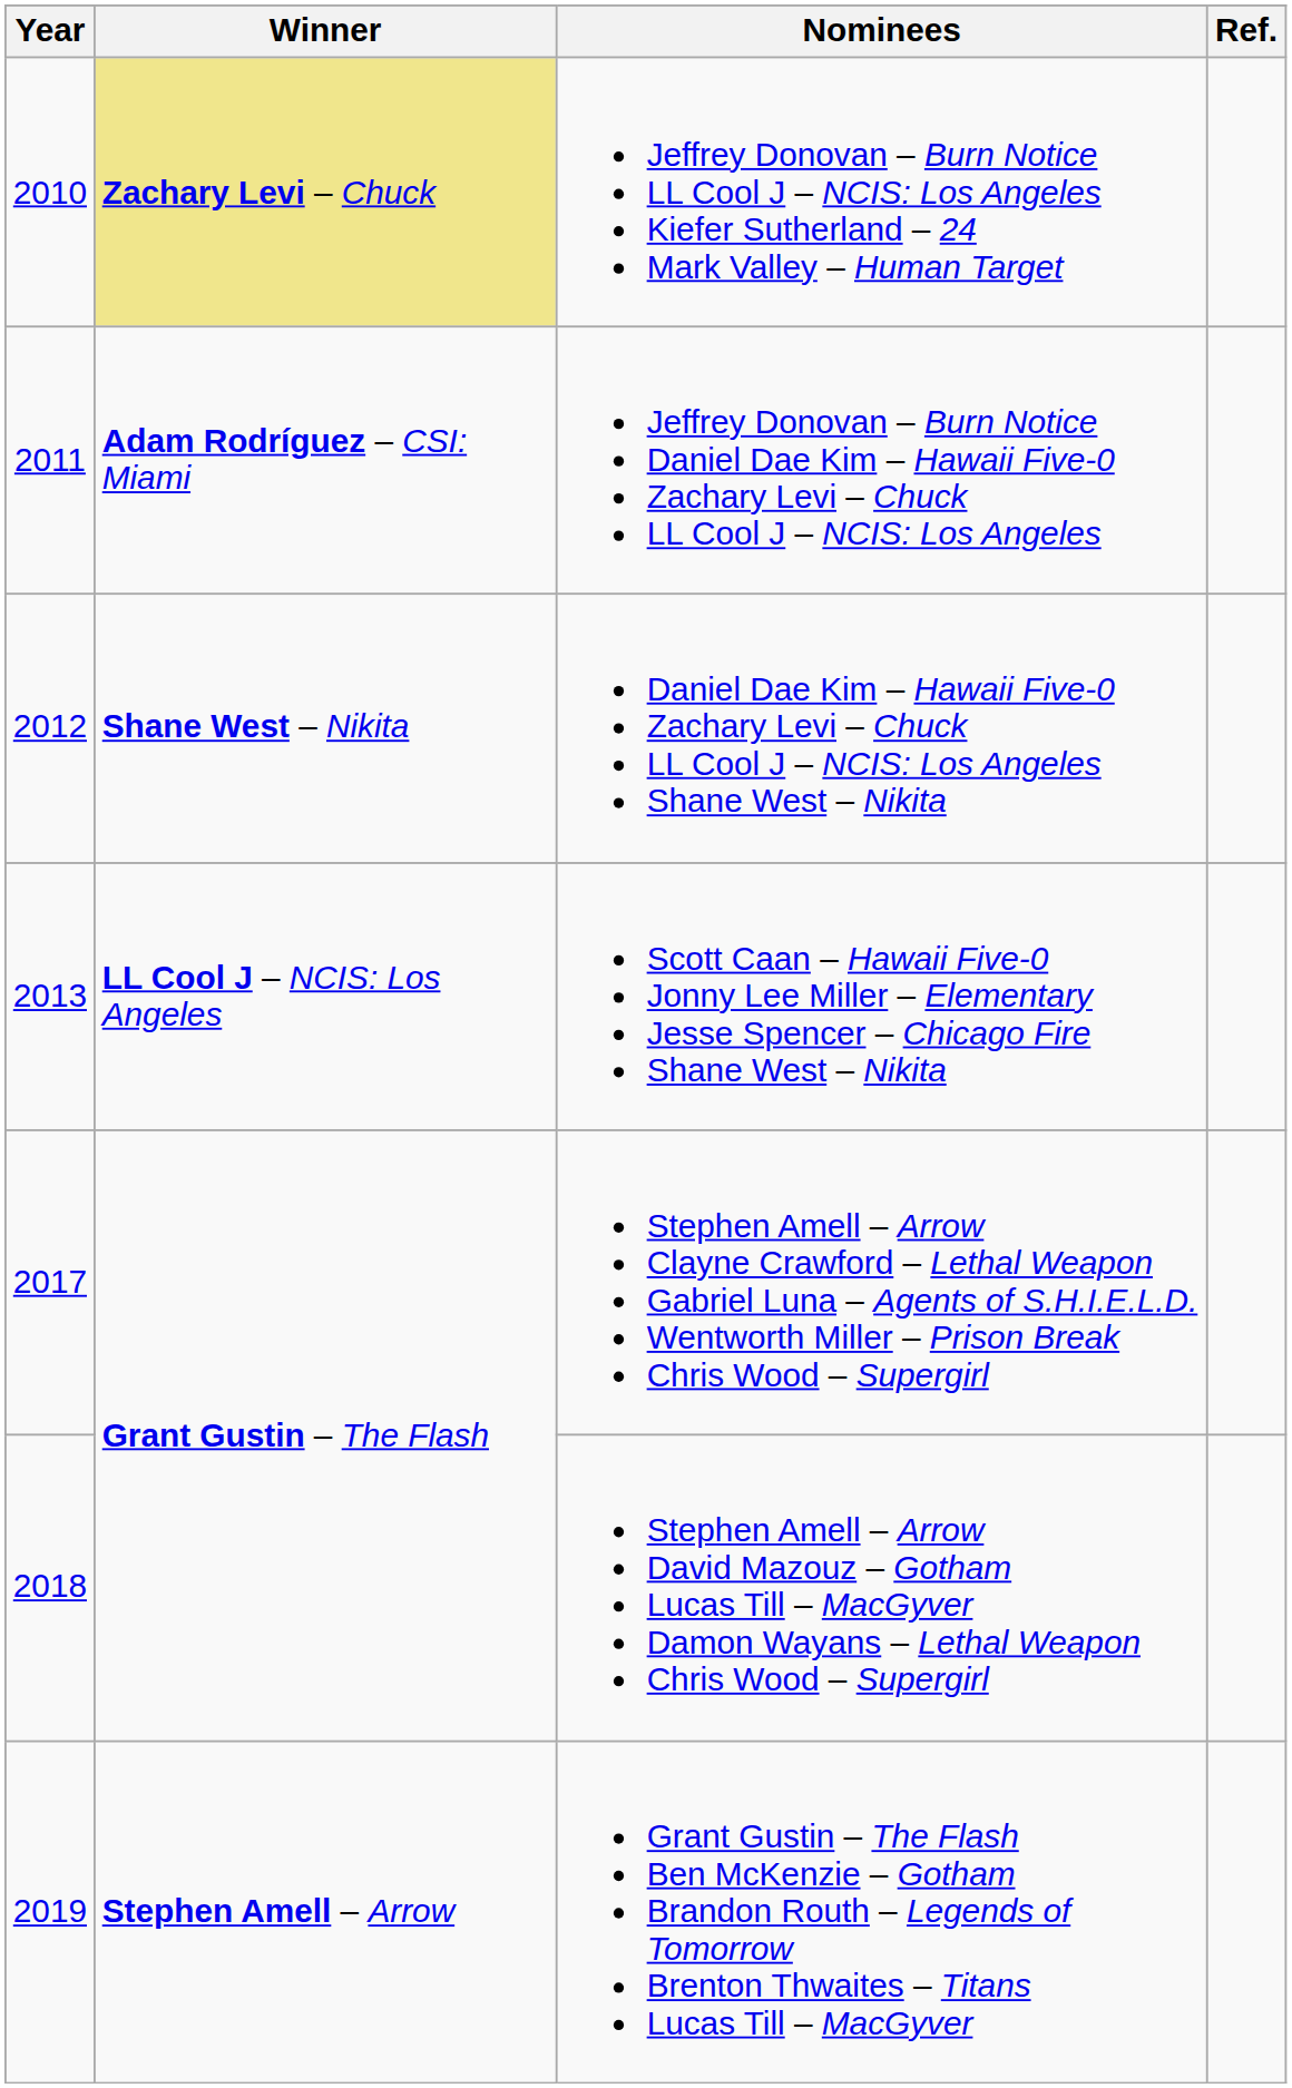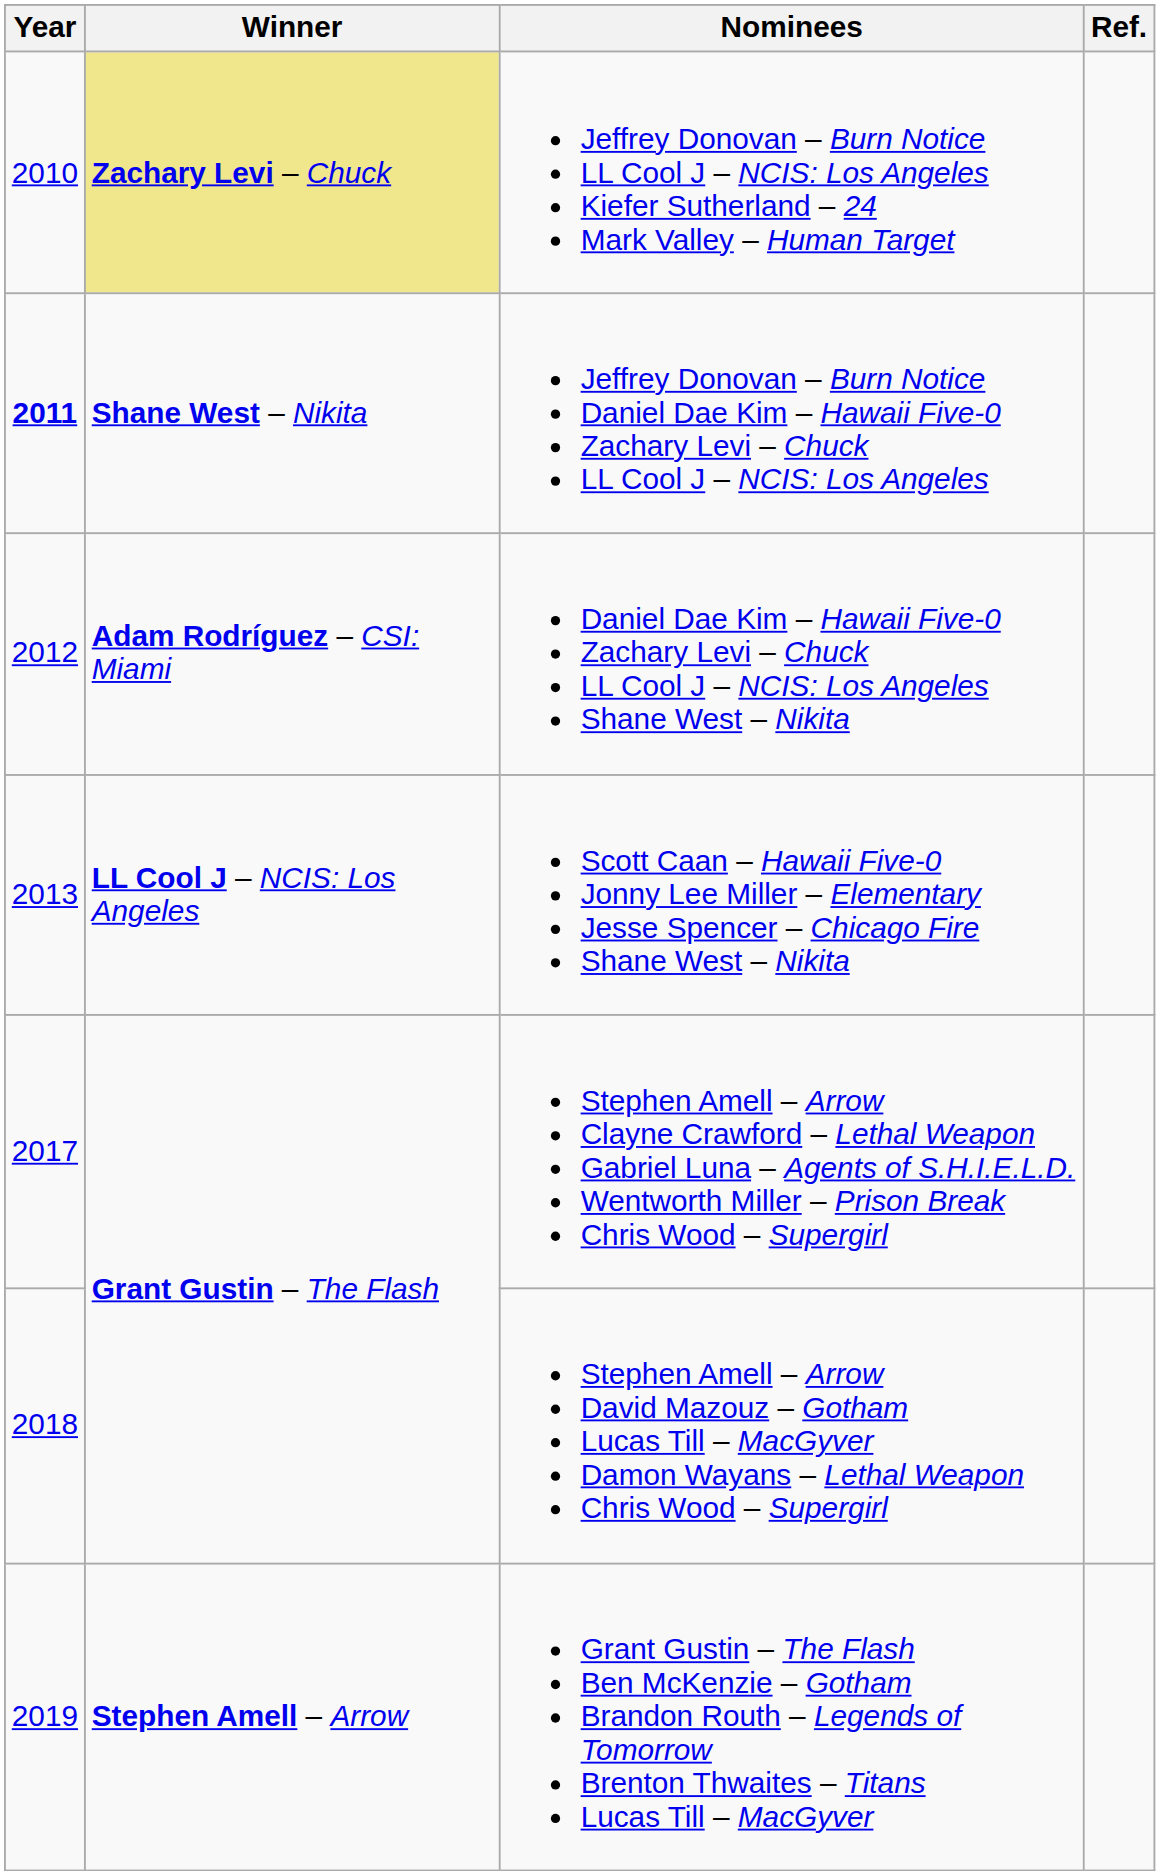 <table class="wikitable" width=70%>
 <tr>
 <th>Year</th>
 <th>Winner</th>
 <th>Nominees</th>
 <th>Ref.</th>
 </tr>
 <tr>
 <td align="center"><a href='#'>2010</a></td>
 <td style="background: khaki;"><strong><a href='#'>Zachary Levi</a></strong> – <em><a href='#'>Chuck</a></em></td>
 <td><br><ul><li><a href='#'>Jeffrey Donovan</a> – <em><a href='#'>Burn Notice</a></em></li><li><a href='#'>LL Cool J</a> – <em><a href='#'>NCIS: Los Angeles</a></em></li><li><a href='#'>Kiefer Sutherland</a> – <em><a href='#'>24</a></em></li><li><a href='#'>Mark Valley</a> – <em><a href='#'>Human Target</a></em></li></ul></td>
 <td align="center"></td>
 </tr>
 <tr>
-<td align="center"><a href='#'>2011</a></td>
-<td><strong><a href='#'>Adam Rodríguez</a></strong> – <em><a href='#'>CSI: Miami</a></em></td>
+<td align="center"><strong><a href='#'>2011</a></strong></td>
+<td><strong><a href='#'>Shane West</a></strong> – <em><a href='#'>Nikita</a></em></td>
 <td><br><ul><li><a href='#'>Jeffrey Donovan</a> – <em><a href='#'>Burn Notice</a></em></li><li><a href='#'>Daniel Dae Kim</a> – <em><a href='#'>Hawaii Five-0</a></em></li><li><a href='#'>Zachary Levi</a> – <em><a href='#'>Chuck</a></em></li><li><a href='#'>LL Cool J</a> – <em><a href='#'>NCIS: Los Angeles</a></em></li></ul></td>
 <td align="center"></td>
 </tr>
 <tr>
 <td align="center"><a href='#'>2012</a></td>
-<td><strong><a href='#'>Shane West</a></strong> – <em><a href='#'>Nikita</a></em></td>
+<td><strong><a href='#'>Adam Rodríguez</a></strong> – <em><a href='#'>CSI: Miami</a></em></td>
 <td><br><ul><li><a href='#'>Daniel Dae Kim</a> – <em><a href='#'>Hawaii Five-0</a></em></li><li><a href='#'>Zachary Levi</a> – <em><a href='#'>Chuck</a></em></li><li><a href='#'>LL Cool J</a> – <em><a href='#'>NCIS: Los Angeles</a></em></li><li><a href='#'>Shane West</a> – <em><a href='#'>Nikita</a></em></li></ul></td>
 <td align="center"></td>
 </tr>
 <tr>
 <td align="center"><a href='#'>2013</a></td>
 <td><strong><a href='#'>LL Cool J</a></strong> – <em><a href='#'>NCIS: Los Angeles</a></em></td>
 <td><br><ul><li><a href='#'>Scott Caan</a> – <em><a href='#'>Hawaii Five-0</a></em></li><li><a href='#'>Jonny Lee Miller</a> – <em><a href='#'>Elementary</a></em></li><li><a href='#'>Jesse Spencer</a> – <em><a href='#'>Chicago Fire</a></em></li><li><a href='#'>Shane West</a> – <em><a href='#'>Nikita</a></em></li></ul></td>
 <td align="center"></td>
 </tr>
 <tr>
 <td align="center"><a href='#'>2017</a></td>
 <td rowspan=2><strong><a href='#'>Grant Gustin</a></strong> – <em><a href='#'>The Flash</a></em></td>
 <td><br><ul><li><a href='#'>Stephen Amell</a> – <em><a href='#'>Arrow</a></em></li><li><a href='#'>Clayne Crawford</a> – <em><a href='#'>Lethal Weapon</a></em></li><li><a href='#'>Gabriel Luna</a> – <em><a href='#'>Agents of S.H.I.E.L.D.</a></em></li><li><a href='#'>Wentworth Miller</a> – <em><a href='#'>Prison Break</a></em></li><li><a href='#'>Chris Wood</a> – <em><a href='#'>Supergirl</a></em></li></ul></td>
 <td align="center"></td>
 </tr>
 <tr>
 <td align="center"><a href='#'>2018</a></td>
 <td><br><ul><li><a href='#'>Stephen Amell</a> – <em><a href='#'>Arrow</a></em></li><li><a href='#'>David Mazouz</a> – <em><a href='#'>Gotham</a></em></li><li><a href='#'>Lucas Till</a> – <em><a href='#'>MacGyver</a></em></li><li><a href='#'>Damon Wayans</a> – <em><a href='#'>Lethal Weapon</a></em></li><li><a href='#'>Chris Wood</a> – <em><a href='#'>Supergirl</a></em></li></ul></td>
 <td align="center"></td>
 </tr>
 <tr>
 <td align="center"><a href='#'>2019</a></td>
 <td><strong><a href='#'>Stephen Amell</a></strong> – <em><a href='#'>Arrow</a></em></td>
 <td><br><ul><li><a href='#'>Grant Gustin</a> – <em><a href='#'>The Flash</a></em></li><li><a href='#'>Ben McKenzie</a> – <em><a href='#'>Gotham</a></em></li><li><a href='#'>Brandon Routh</a> – <em><a href='#'>Legends of Tomorrow</a></em></li><li><a href='#'>Brenton Thwaites</a> – <em><a href='#'>Titans</a></em></li><li><a href='#'>Lucas Till</a> – <em><a href='#'>MacGyver</a></em></li></ul></td>
 <td align="center"></td>
 </tr>
 </table>
